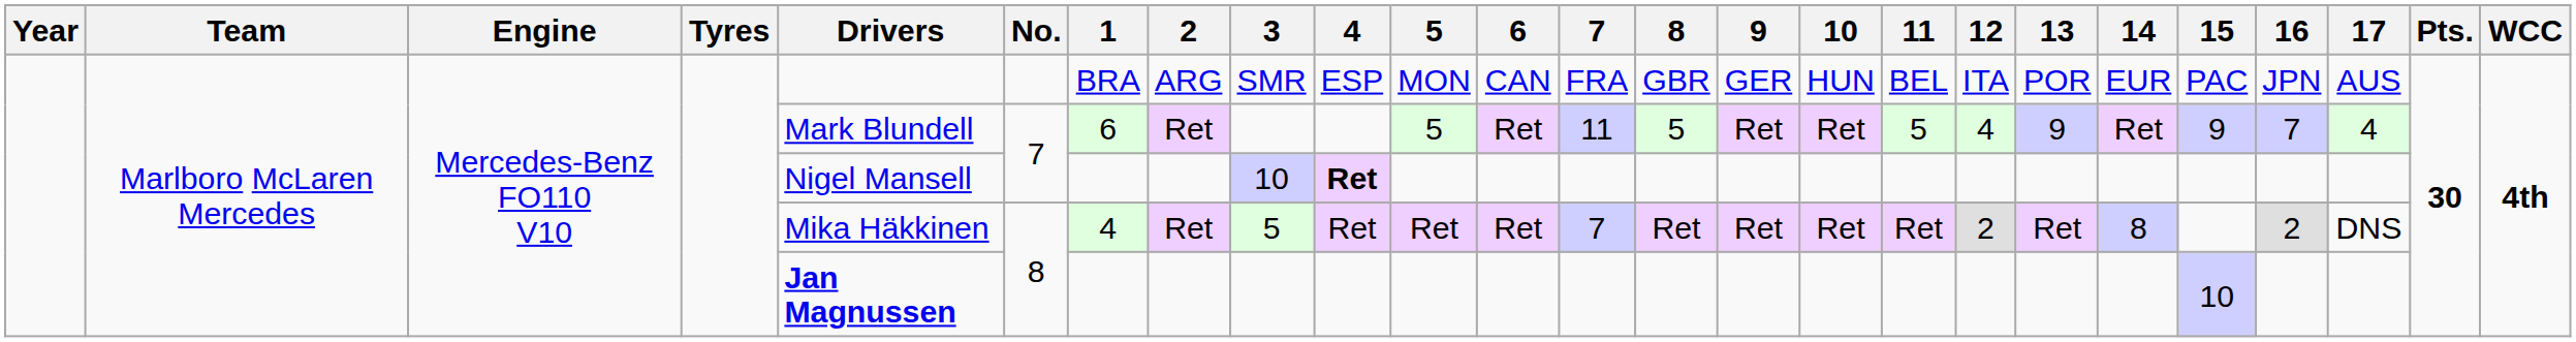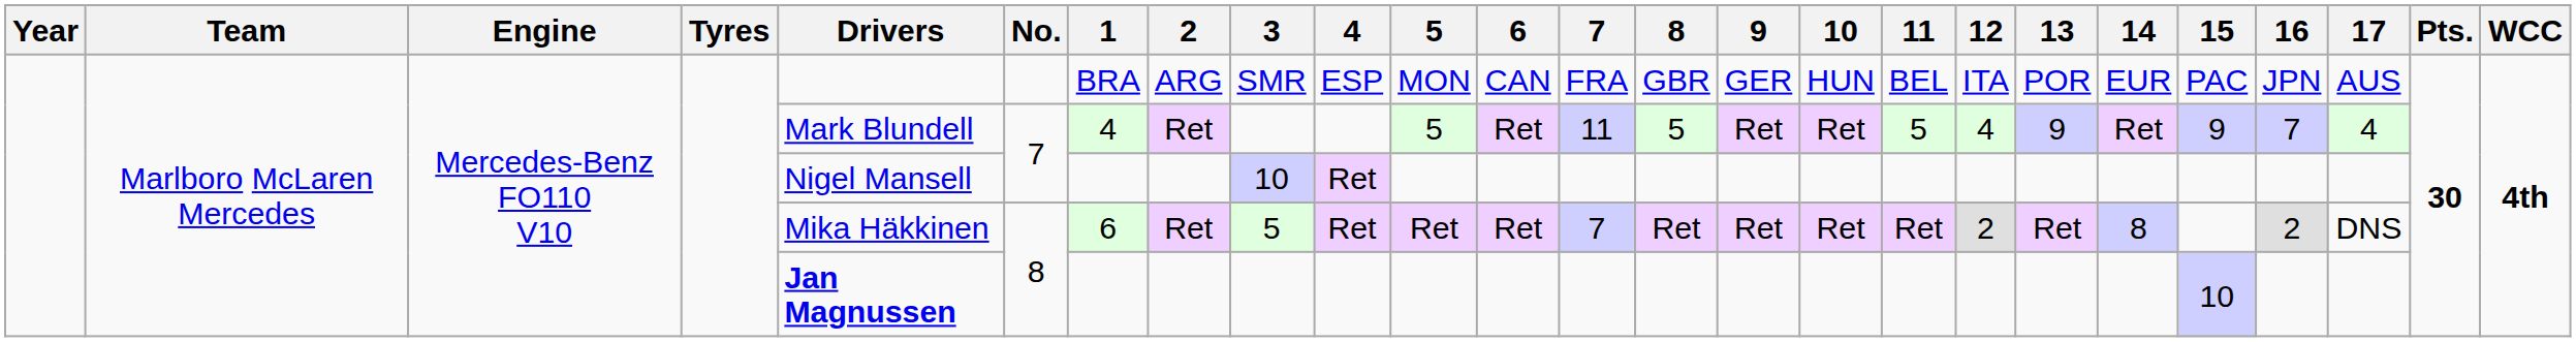 <table class="wikitable" style="text-align:center; font-size:95%">
 <tr>
 <th>Year</th>
 <th>Team</th>
 <th>Engine</th>
 <th>Tyres</th>
 <th>Drivers</th>
 <th>No.</th>
 <th>1</th>
 <th>2</th>
 <th>3</th>
 <th>4</th>
 <th>5</th>
 <th>6</th>
 <th>7</th>
 <th>8</th>
 <th>9</th>
 <th>10</th>
 <th>11</th>
 <th>12</th>
 <th>13</th>
 <th>14</th>
 <th>15</th>
 <th>16</th>
 <th>17</th>
 <th>Pts.</th>
 <th>WCC</th>
 </tr>
 <tr>
 <td rowspan="5"></td>
 <td rowspan="5"><a href='#'>Marlboro</a> <a href='#'>McLaren</a> <a href='#'>Mercedes</a></td>
 <td rowspan="5"><a href='#'>Mercedes-Benz FO110</a><br><a href='#'>V10</a></td>
 <td rowspan="5"></td>
 <td></td>
 <td></td>
 <td><a href='#'>BRA</a></td>
 <td><a href='#'>ARG</a></td>
 <td><a href='#'>SMR</a></td>
 <td><a href='#'>ESP</a></td>
 <td><a href='#'>MON</a></td>
 <td><a href='#'>CAN</a></td>
 <td><a href='#'>FRA</a></td>
 <td><a href='#'>GBR</a></td>
 <td><a href='#'>GER</a></td>
 <td><a href='#'>HUN</a></td>
 <td><a href='#'>BEL</a></td>
 <td><a href='#'>ITA</a></td>
 <td><a href='#'>POR</a></td>
 <td><a href='#'>EUR</a></td>
 <td><a href='#'>PAC</a></td>
 <td><a href='#'>JPN</a></td>
 <td><a href='#'>AUS</a></td>
 <td rowspan="5"><strong>30</strong></td>
 <td rowspan="5"><strong>4th</strong></td>
 </tr>
 <tr>
 <td align="left"><a href='#'>Mark Blundell</a></td>
 <td rowspan="2">7</td>
-<td style="background:#DFFFDF;">6</td>
+<td style="background:#DFFFDF;">4</td>
 <td style="background:#EFCFFF;">Ret</td>
 <td></td>
 <td></td>
 <td style="background:#DFFFDF;">5</td>
 <td style="background:#EFCFFF;">Ret</td>
 <td style="background:#CFCFFF;">11</td>
 <td style="background:#DFFFDF;">5</td>
 <td style="background:#EFCFFF;">Ret</td>
 <td style="background:#EFCFFF;">Ret</td>
 <td style="background:#DFFFDF;">5</td>
 <td style="background:#DFFFDF;">4</td>
 <td style="background:#CFCFFF;">9</td>
 <td style="background:#EFCFFF;">Ret</td>
 <td style="background:#CFCFFF;">9</td>
 <td style="background:#CFCFFF;">7</td>
 <td style="background:#DFFFDF;">4</td>
 </tr>
 <tr>
 <td align="left"><a href='#'>Nigel Mansell</a></td>
 <td></td>
 <td></td>
 <td style="background:#CFCFFF;">10</td>
-<td style="background:#EFCFFF;"><strong>Ret</strong></td>
+<td style="background:#EFCFFF;">Ret</td>
 <td></td>
 <td></td>
 <td></td>
 <td></td>
 <td></td>
 <td></td>
 <td></td>
 <td></td>
 <td></td>
 <td></td>
 <td></td>
 <td></td>
 <td></td>
 </tr>
 <tr>
 <td align="left"><a href='#'>Mika Häkkinen</a></td>
 <td rowspan="2">8</td>
-<td style="background:#DFFFDF;">4</td>
+<td style="background:#DFFFDF;">6</td>
 <td style="background:#EFCFFF;">Ret</td>
 <td style="background:#DFFFDF;">5</td>
 <td style="background:#EFCFFF;">Ret</td>
 <td style="background:#EFCFFF;">Ret</td>
 <td style="background:#EFCFFF;">Ret</td>
 <td style="background:#CFCFFF;">7</td>
 <td style="background:#EFCFFF;">Ret</td>
 <td style="background:#EFCFFF;">Ret</td>
 <td style="background:#EFCFFF;">Ret</td>
 <td style="background:#EFCFFF;">Ret</td>
 <td style="background:#DFDFDF;">2</td>
 <td style="background:#EFCFFF;">Ret</td>
 <td style="background:#CFCFFF;">8</td>
 <td></td>
 <td style="background:#DFDFDF;">2</td>
 <td>DNS</td>
 </tr>
 <tr>
 <td align="left"><strong><a href='#'>Jan Magnussen</a></strong></td>
 <td></td>
 <td></td>
 <td></td>
 <td></td>
 <td></td>
 <td></td>
 <td></td>
 <td></td>
 <td></td>
 <td></td>
 <td></td>
 <td></td>
 <td></td>
 <td></td>
 <td style="background:#CFCFFF;">10</td>
 <td></td>
 <td></td>
 </tr>
 </table>
